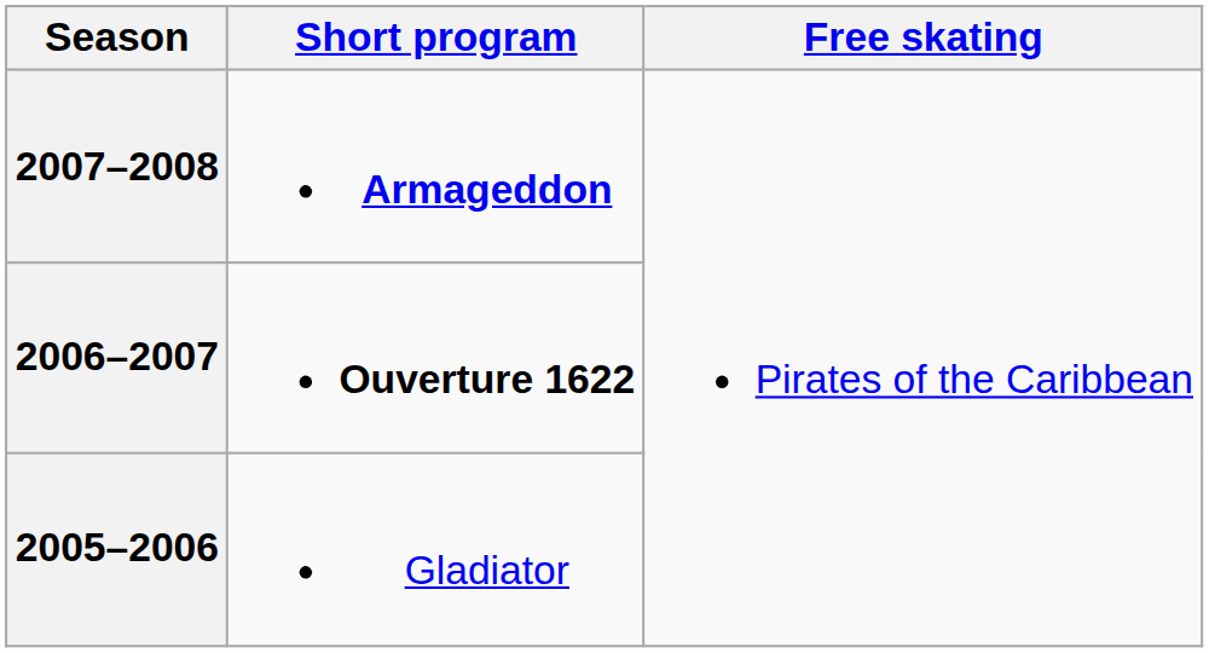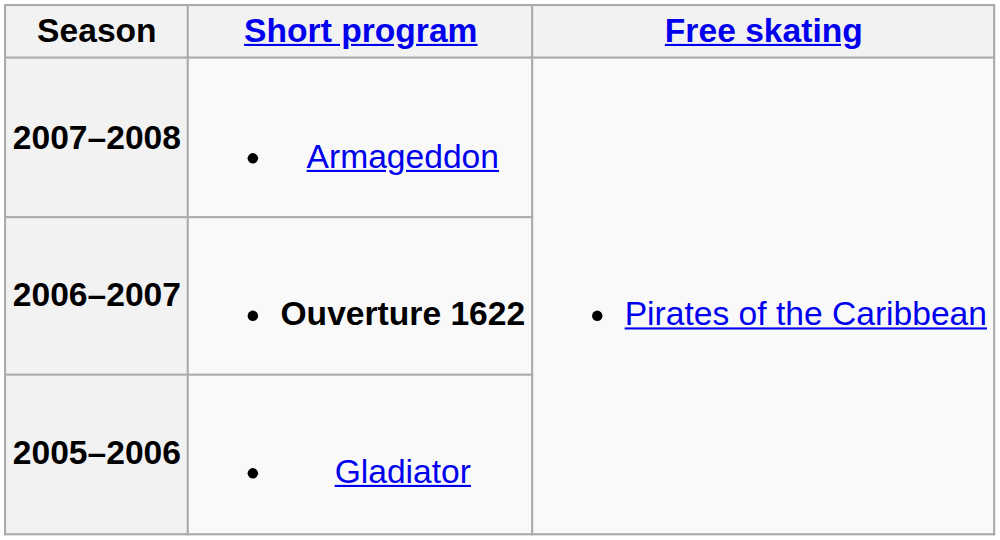 <table class=wikitable style=text-align:center>
 <tr>
 <th>Season</th>
 <th><a href='#'>Short program</a></th>
 <th><a href='#'>Free skating</a></th>
 </tr>
 <tr>
 <th>2007–2008 <br> </th>
-<td><strong><br><ul><li><a href='#'>Armageddon</a> <br></li></ul></strong></td>
+<td><br><ul><li><a href='#'>Armageddon</a> <br></li></ul></td>
 <td rowspan=3><br><ul><li><a href='#'>Pirates of the Caribbean</a> <br></li></ul></td>
 </tr>
 <tr>
 <th>2006–2007 <br> </th>
 <td><strong><br><ul><li>Ouverture 1622 <br></li></ul></strong></td>
 </tr>
 <tr>
 <th>2005–2006 <br> </th>
 <td><br><ul><li><a href='#'>Gladiator</a> <br></li></ul></td>
 </tr>
 </table>
